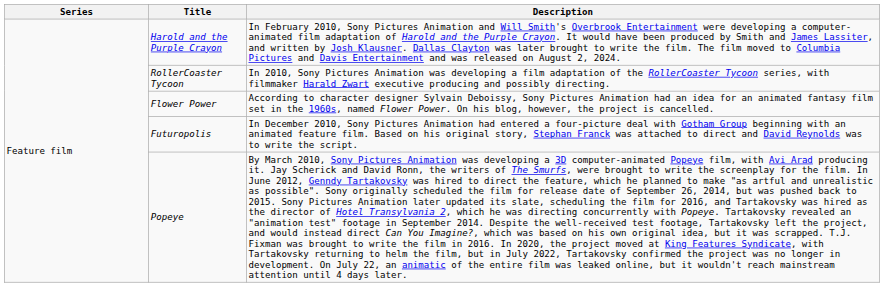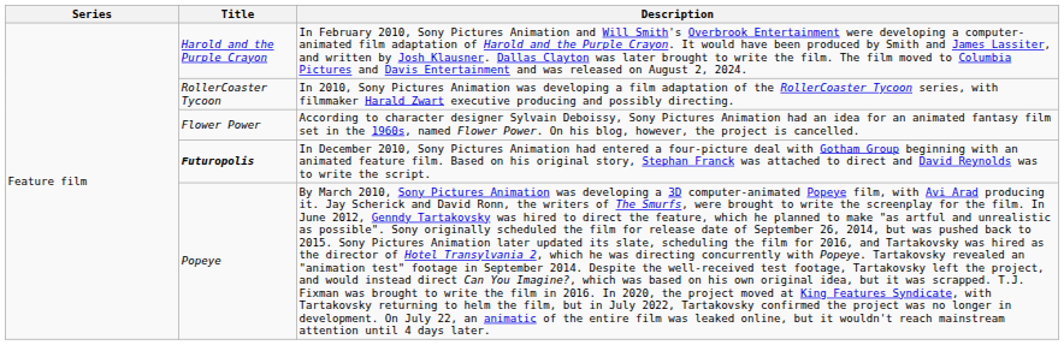 <table class="wikitable">
 <tr>
 <th style="width:150pt;">Series</th>
 <th style="width:100pt;">Title</th>
 <th>Description</th>
 </tr>
 <tr>
 <td rowspan="5">Feature film</td>
 <td><em><a href='#'>Harold and the Purple Crayon</a></em></td>
 <td>In February 2010, Sony Pictures Animation and <a href='#'>Will Smith</a>'s <a href='#'>Overbrook Entertainment</a> were developing a computer-animated film adaptation of <em><a href='#'>Harold and the Purple Crayon</a></em>. It would have been produced by Smith and <a href='#'>James Lassiter</a>, and written by <a href='#'>Josh Klausner</a>. <a href='#'>Dallas Clayton</a> was later brought to write the film. The film moved to <a href='#'>Columbia Pictures</a> and <a href='#'>Davis Entertainment</a> and was released on August 2, 2024.</td>
 </tr>
 <tr>
 <td><em>RollerCoaster Tycoon</em></td>
 <td>In 2010, Sony Pictures Animation was developing a film adaptation of the <em><a href='#'>RollerCoaster Tycoon</a></em> series, with filmmaker <a href='#'>Harald Zwart</a> executive producing and possibly directing.</td>
 </tr>
 <tr>
 <td><em>Flower Power</em></td>
 <td>According to character designer Sylvain Deboissy, Sony Pictures Animation had an idea for an animated fantasy film set in the <a href='#'>1960s</a>, named <em>Flower Power</em>. On his blog, however, the project is cancelled.</td>
 </tr>
 <tr>
-<td><em>Futuropolis</em></td>
+<td><strong><em>Futuropolis</em></strong></td>
 <td>In December 2010, Sony Pictures Animation had entered a four-picture deal with <a href='#'>Gotham Group</a> beginning with an animated feature film. Based on his original story, <a href='#'>Stephan Franck</a> was attached to direct and <a href='#'>David Reynolds</a> was to write the script.</td>
 </tr>
 <tr>
 <td><em>Popeye</em></td>
 <td>By March 2010, <a href='#'>Sony Pictures Animation</a> was developing a <a href='#'>3D</a> computer-animated <a href='#'>Popeye</a> film, with <a href='#'>Avi Arad</a> producing it. Jay Scherick and David Ronn, the writers of <em><a href='#'>The Smurfs</a></em>, were brought to write the screenplay for the film. In June 2012, <a href='#'>Genndy Tartakovsky</a> was hired to direct the feature, which he planned to make "as artful and unrealistic as possible". Sony originally scheduled the film for release date of September 26, 2014, but was pushed back to 2015. Sony Pictures Animation later updated its slate, scheduling the film for 2016, and Tartakovsky was hired as the director of <em><a href='#'>Hotel Transylvania 2</a></em>, which he was directing concurrently with <em>Popeye</em>. Tartakovsky revealed an "animation test" footage in September 2014. Despite the well-received test footage, Tartakovsky left the project, and would instead direct <em>Can You Imagine?</em>, which was based on his own original idea, but it was scrapped. T.J. Fixman was brought to write the film in 2016. In 2020, the project moved at <a href='#'>King Features Syndicate</a>, with Tartakovsky returning to helm the film, but in July 2022, Tartakovsky confirmed the project was no longer in development. On July 22, an <a href='#'>animatic</a> of the entire film was leaked online, but it wouldn't reach mainstream attention until 4 days later.</td>
 </tr>
 </table>
